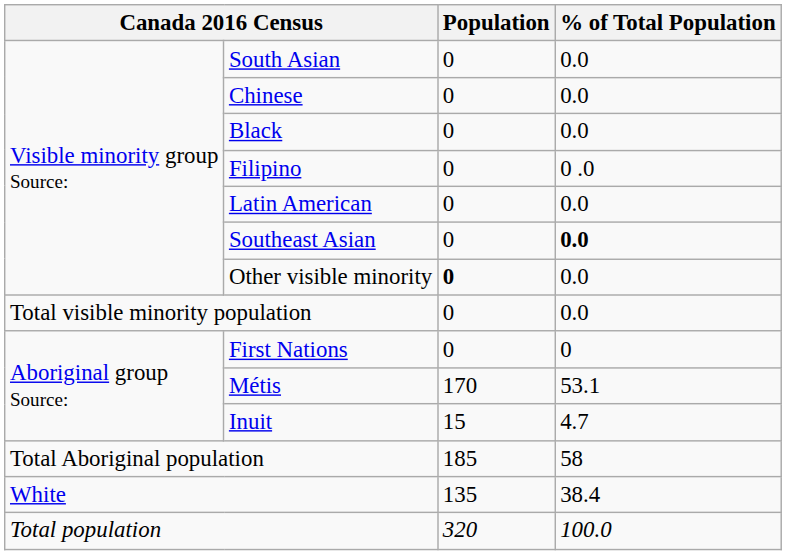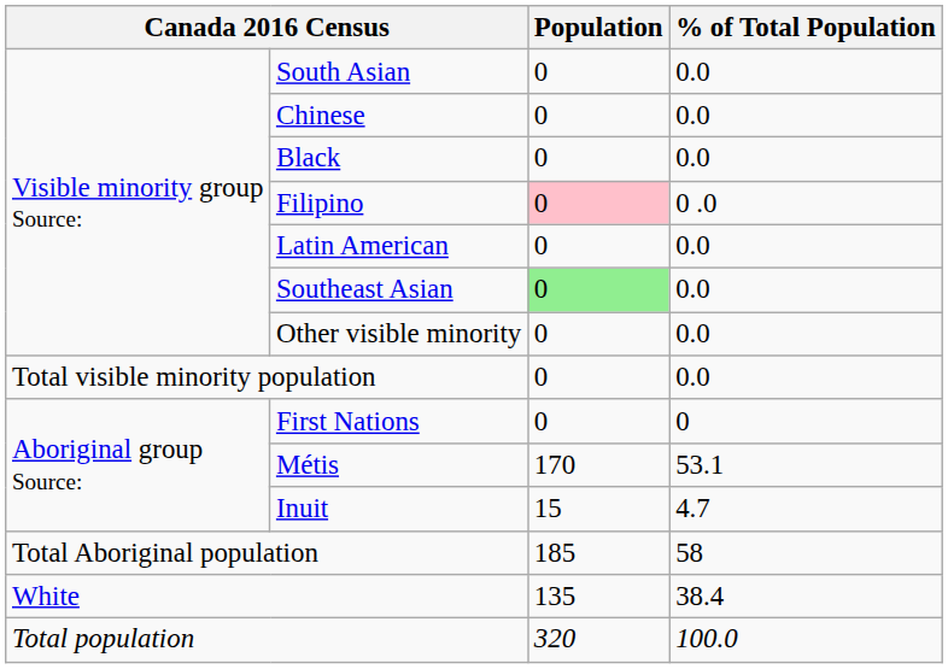 <table class="wikitable">
 <tr>
 <th colspan="2">Canada 2016 Census</th>
 <th>Population</th>
 <th>% of Total Population</th>
 </tr>
 <tr>
 <td rowspan="7"><a href='#'>Visible minority</a> group<br><small>Source:</small></td>
 <td><a href='#'>South Asian</a></td>
 <td>0</td>
 <td>0.0</td>
 </tr>
 <tr>
 <td><a href='#'>Chinese</a></td>
 <td>0</td>
 <td>0.0</td>
 </tr>
 <tr>
 <td><a href='#'>Black</a></td>
 <td>0</td>
 <td>0.0</td>
 </tr>
 <tr>
 <td><a href='#'>Filipino</a></td>
-<td>0</td>
+<td style="background: pink;">0</td>
 <td>0 .0</td>
 </tr>
 <tr>
 <td><a href='#'>Latin American</a></td>
 <td>0</td>
 <td>0.0</td>
 </tr>
 <tr>
 <td><a href='#'>Southeast Asian</a></td>
-<td>0</td>
-<td><strong>0.0</strong></td>
+<td style="background: lightgreen;">0</td>
+<td>0.0</td>
 </tr>
 <tr>
 <td>Other visible minority</td>
-<td><strong>0</strong></td>
+<td>0</td>
 <td>0.0</td>
 </tr>
 <tr>
 <td colspan="2">Total visible minority population</td>
 <td>0</td>
 <td>0.0</td>
 </tr>
 <tr>
 <td rowspan="3"><a href='#'>Aboriginal</a> group<br><small>Source:</small></td>
 <td><a href='#'>First Nations</a></td>
 <td>0</td>
 <td>0</td>
 </tr>
 <tr>
 <td><a href='#'>Métis</a></td>
 <td>170</td>
 <td>53.1</td>
 </tr>
 <tr>
 <td><a href='#'>Inuit</a></td>
 <td>15</td>
 <td>4.7</td>
 </tr>
 <tr>
 <td colspan="2">Total Aboriginal population</td>
 <td>185</td>
 <td>58</td>
 </tr>
 <tr>
 <td colspan="2"><a href='#'>White</a></td>
 <td>135</td>
 <td>38.4</td>
 </tr>
 <tr>
 <td colspan="2"><em>Total population</em></td>
 <td><em>320</em></td>
 <td><em>100.0</em></td>
 </tr>
 </table>
